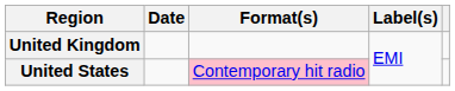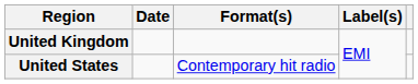 <table class="wikitable plainrowheaders">
 <tr>
 <th scope="col">Region</th>
 <th scope="col">Date</th>
 <th scope="col">Format(s)</th>
 <th scope="col">Label(s)</th>
 <th scope="col"></th>
 </tr>
 <tr>
 <th scope="row">United Kingdom</th>
 <td></td>
 <td></td>
 <td rowspan="2"><a href='#'>EMI</a></td>
 <td></td>
 </tr>
 <tr>
 <th scope="row">United States</th>
 <td></td>
-<td style="background: pink;"><a href='#'>Contemporary hit radio</a></td>
+<td><a href='#'>Contemporary hit radio</a></td>
 <td></td>
 </tr>
 </table>
